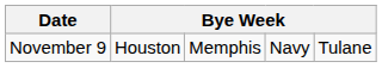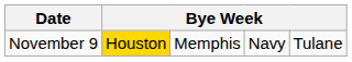 <table class="wikitable" style="font-size:95%;">
 <tr>
 <th>Date</th>
 <th colspan="4">Bye Week</th>
 </tr>
 <tr>
 <td>November 9</td>
-<td>Houston</td>
+<td style="background: gold;">Houston</td>
 <td>Memphis</td>
 <td>Navy</td>
 <td>Tulane</td>
 </tr>
 </table>
